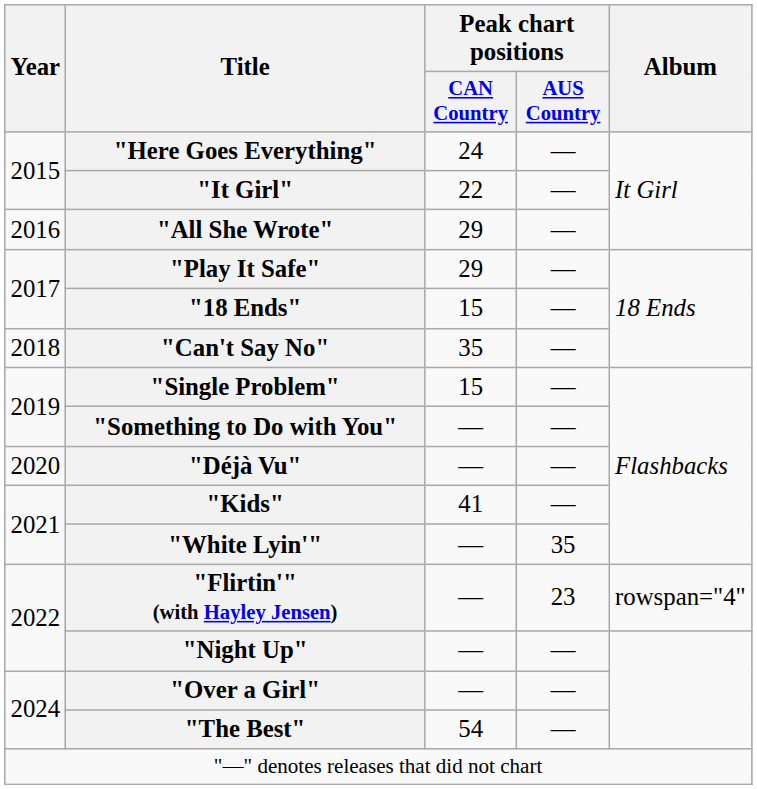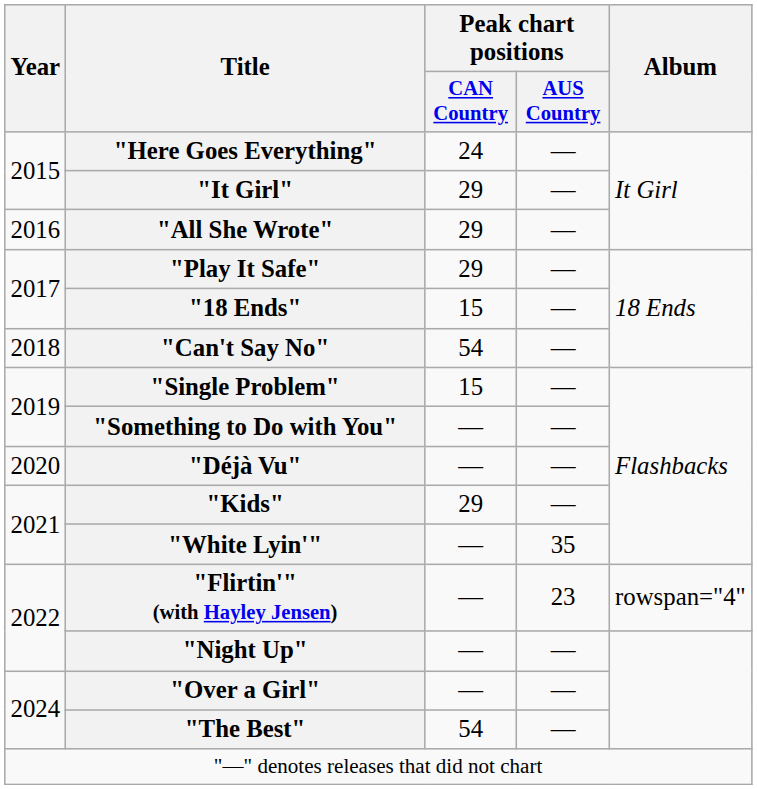 <table class="wikitable plainrowheaders" style="text-align:center;">
 <tr>
 <th scope="col" rowspan="2">Year</th>
 <th scope="col" rowspan="2" style="width:14em;">Title</th>
 <th scope="col" colspan="2">Peak chart positions</th>
 <th scope="col" rowspan="2">Album</th>
 </tr>
 <tr style="font-size:smaller;">
 <th scope="col" style="width:4em;"><a href='#'>CAN Country</a><br></th>
 <th scope="col" style="width:4em;"><a href='#'>AUS Country</a><br></th>
 </tr>
 <tr>
 <td rowspan="2">2015</td>
 <th scope="row">"Here Goes Everything"</th>
 <td>24</td>
 <td>—</td>
 <td style="text-align:left;" rowspan="3"><em>It Girl</em></td>
 </tr>
 <tr>
 <th scope="row">"It Girl"</th>
-<td>22</td>
+<td>29</td>
 <td>—</td>
 </tr>
 <tr>
 <td>2016</td>
 <th scope="row">"All She Wrote"</th>
 <td>29</td>
 <td>—</td>
 </tr>
 <tr>
 <td rowspan="2">2017</td>
 <th scope="row">"Play It Safe"</th>
 <td>29</td>
 <td>—</td>
 <td style="text-align:left;" rowspan="3"><em>18 Ends</em></td>
 </tr>
 <tr>
 <th scope="row">"18 Ends"</th>
 <td>15</td>
 <td>—</td>
 </tr>
 <tr>
 <td>2018</td>
 <th scope="row">"Can't Say No"</th>
-<td>35</td>
+<td>54</td>
 <td>—</td>
 </tr>
 <tr>
 <td rowspan="2">2019</td>
 <th scope="row">"Single Problem"</th>
 <td>15</td>
 <td>—</td>
 <td style="text-align:left;" rowspan="5"><em>Flashbacks</em></td>
 </tr>
 <tr>
 <th scope="row">"Something to Do with You"</th>
 <td>—</td>
 <td>—</td>
 </tr>
 <tr>
 <td>2020</td>
 <th scope="row">"Déjà Vu"</th>
 <td>—</td>
 <td>—</td>
 </tr>
 <tr>
 <td rowspan="2">2021</td>
 <th scope="row">"Kids"</th>
-<td>41</td>
+<td>29</td>
 <td>—</td>
 </tr>
 <tr>
 <th scope="row">"White Lyin'"</th>
 <td>—</td>
 <td>35</td>
 </tr>
 <tr>
 <td rowspan="2">2022</td>
 <th scope="row">"Flirtin'"<br><small>(with <a href='#'>Hayley Jensen</a>)</small></th>
 <td>—</td>
 <td>23</td>
 <td>rowspan="4" </td>
 </tr>
 <tr>
 <th scope="row">"Night Up"</th>
 <td>—</td>
 <td>—</td>
 </tr>
 <tr>
 <td rowspan="2">2024</td>
 <th scope="row">"Over a Girl"</th>
 <td>—</td>
 <td>—</td>
 </tr>
 <tr>
 <th scope="row">"The Best"</th>
 <td>54</td>
 <td>—</td>
 </tr>
 <tr>
 <td colspan="7" style="font-size:85%">"—" denotes releases that did not chart</td>
 </tr>
 </table>
